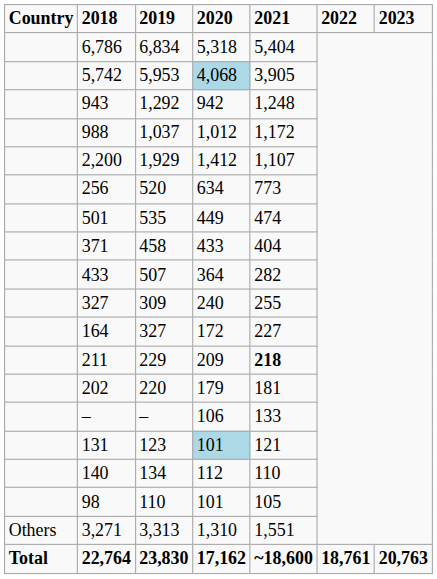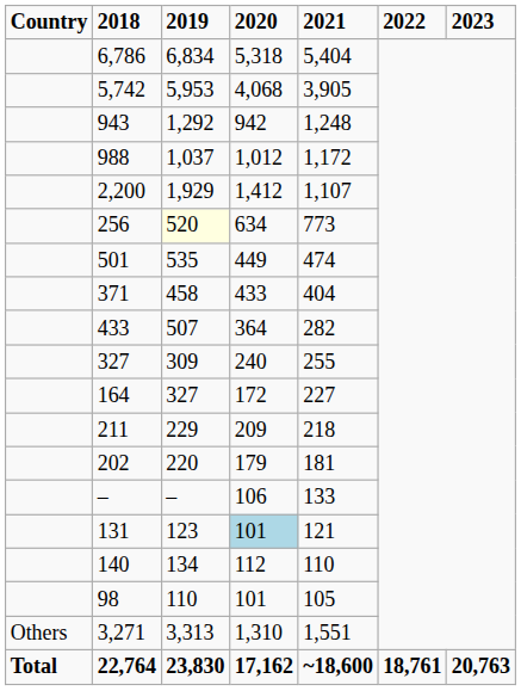 <table class="wikitable">
 <tr>
 <td><strong>Country</strong></td>
 <td><strong>2018</strong></td>
 <td><strong>2019</strong></td>
 <td><strong>2020</strong></td>
 <td><strong>2021</strong></td>
 <td><strong>2022</strong></td>
 <td><strong>2023</strong></td>
 </tr>
 <tr>
 <td></td>
 <td>6,786</td>
 <td>6,834</td>
 <td>5,318</td>
 <td>5,404</td>
 </tr>
 <tr>
 <td></td>
 <td>5,742</td>
 <td>5,953</td>
-<td style="background: lightblue;">4,068</td>
+<td>4,068</td>
 <td>3,905</td>
 </tr>
 <tr>
 <td></td>
 <td>943</td>
 <td>1,292</td>
 <td>942</td>
 <td>1,248</td>
 </tr>
 <tr>
 <td></td>
 <td>988</td>
 <td>1,037</td>
 <td>1,012</td>
 <td>1,172</td>
 </tr>
 <tr>
 <td></td>
 <td>2,200</td>
 <td>1,929</td>
 <td>1,412</td>
 <td>1,107</td>
 </tr>
 <tr>
 <td></td>
 <td>256</td>
-<td>520</td>
+<td style="background: lightyellow;">520</td>
 <td>634</td>
 <td>773</td>
 </tr>
 <tr>
 <td></td>
 <td>501</td>
 <td>535</td>
 <td>449</td>
 <td>474</td>
 </tr>
 <tr>
 <td></td>
 <td>371</td>
 <td>458</td>
 <td>433</td>
 <td>404</td>
 </tr>
 <tr>
 <td></td>
 <td>433</td>
 <td>507</td>
 <td>364</td>
 <td>282</td>
 </tr>
 <tr>
 <td></td>
 <td>327</td>
 <td>309</td>
 <td>240</td>
 <td>255</td>
 </tr>
 <tr>
 <td></td>
 <td>164</td>
 <td>327</td>
 <td>172</td>
 <td>227</td>
 </tr>
 <tr>
 <td></td>
 <td>211</td>
 <td>229</td>
 <td>209</td>
-<td><strong>218</strong></td>
+<td>218</td>
 </tr>
 <tr>
 <td></td>
 <td>202</td>
 <td>220</td>
 <td>179</td>
 <td>181</td>
 </tr>
 <tr>
 <td></td>
 <td>–</td>
 <td>–</td>
 <td>106</td>
 <td>133</td>
 </tr>
 <tr>
 <td></td>
 <td>131</td>
 <td>123</td>
 <td style="background: lightblue;">101</td>
 <td>121</td>
 </tr>
 <tr>
 <td></td>
 <td>140</td>
 <td>134</td>
 <td>112</td>
 <td>110</td>
 </tr>
 <tr>
 <td></td>
 <td>98</td>
 <td>110</td>
 <td>101</td>
 <td>105</td>
 </tr>
 <tr>
 <td>Others</td>
 <td>3,271</td>
 <td>3,313</td>
 <td>1,310</td>
 <td>1,551</td>
 </tr>
 <tr>
 <td><strong>Total</strong></td>
 <td><strong>22,764</strong></td>
 <td><strong>23,830</strong></td>
 <td><strong>17,162</strong></td>
 <td><strong>~18,600</strong></td>
 <td><strong>18,761</strong></td>
 <td><strong>20,763</strong></td>
 </tr>
 </table>
